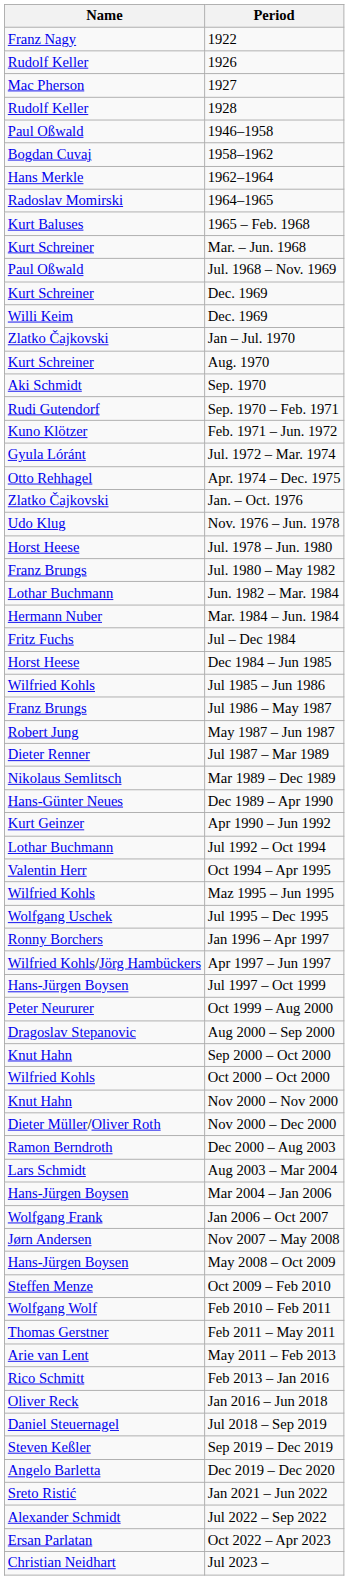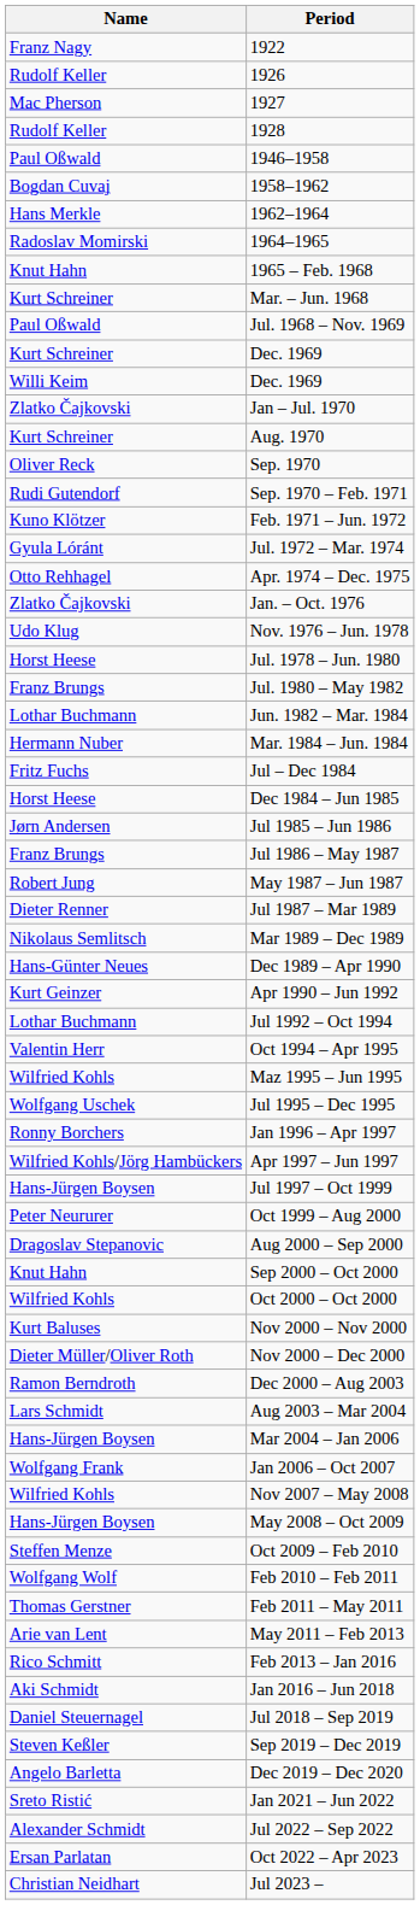 <table class="wikitable">
 <tr>
 <th>Name</th>
 <th>Period</th>
 </tr>
 <tr>
 <td><a href='#'>Franz Nagy</a></td>
 <td>1922</td>
 </tr>
 <tr>
 <td><a href='#'>Rudolf Keller</a></td>
 <td>1926</td>
 </tr>
 <tr>
 <td><a href='#'>Mac Pherson</a></td>
 <td>1927</td>
 </tr>
 <tr>
 <td><a href='#'>Rudolf Keller</a></td>
 <td>1928</td>
 </tr>
 <tr>
 <td><a href='#'>Paul Oßwald</a></td>
 <td>1946–1958</td>
 </tr>
 <tr>
 <td><a href='#'>Bogdan Cuvaj</a></td>
 <td>1958–1962</td>
 </tr>
 <tr>
 <td><a href='#'>Hans Merkle</a></td>
 <td>1962–1964</td>
 </tr>
 <tr>
 <td><a href='#'>Radoslav Momirski</a></td>
 <td>1964–1965</td>
 </tr>
 <tr>
-<td><a href='#'>Kurt Baluses</a></td>
+<td><a href='#'>Knut Hahn</a></td>
 <td>1965 – Feb. 1968</td>
 </tr>
 <tr>
 <td><a href='#'>Kurt Schreiner</a></td>
 <td>Mar. – Jun. 1968</td>
 </tr>
 <tr>
 <td><a href='#'>Paul Oßwald</a></td>
 <td>Jul. 1968 – Nov. 1969</td>
 </tr>
 <tr>
 <td><a href='#'>Kurt Schreiner</a></td>
 <td>Dec. 1969</td>
 </tr>
 <tr>
 <td><a href='#'>Willi Keim</a></td>
 <td>Dec. 1969</td>
 </tr>
 <tr>
 <td><a href='#'>Zlatko Čajkovski</a></td>
 <td>Jan – Jul. 1970</td>
 </tr>
 <tr>
 <td><a href='#'>Kurt Schreiner</a></td>
 <td>Aug. 1970</td>
 </tr>
 <tr>
-<td><a href='#'>Aki Schmidt</a></td>
+<td><a href='#'>Oliver Reck</a></td>
 <td>Sep. 1970</td>
 </tr>
 <tr>
 <td><a href='#'>Rudi Gutendorf</a></td>
 <td>Sep. 1970 – Feb. 1971</td>
 </tr>
 <tr>
 <td><a href='#'>Kuno Klötzer</a></td>
 <td>Feb. 1971 – Jun. 1972</td>
 </tr>
 <tr>
 <td><a href='#'>Gyula Lóránt</a></td>
 <td>Jul. 1972 – Mar. 1974</td>
 </tr>
 <tr>
 <td><a href='#'>Otto Rehhagel</a></td>
 <td>Apr. 1974 – Dec. 1975</td>
 </tr>
 <tr>
 <td><a href='#'>Zlatko Čajkovski</a></td>
 <td>Jan. – Oct. 1976</td>
 </tr>
 <tr>
 <td><a href='#'>Udo Klug</a></td>
 <td>Nov. 1976 – Jun. 1978</td>
 </tr>
 <tr>
 <td><a href='#'>Horst Heese</a></td>
 <td>Jul. 1978 – Jun. 1980</td>
 </tr>
 <tr>
 <td><a href='#'>Franz Brungs</a></td>
 <td>Jul. 1980 – May 1982</td>
 </tr>
 <tr>
 <td><a href='#'>Lothar Buchmann</a></td>
 <td>Jun. 1982 – Mar. 1984</td>
 </tr>
 <tr>
 <td><a href='#'>Hermann Nuber</a></td>
 <td>Mar. 1984 – Jun. 1984</td>
 </tr>
 <tr>
 <td><a href='#'>Fritz Fuchs</a></td>
 <td>Jul – Dec 1984</td>
 </tr>
 <tr>
 <td><a href='#'>Horst Heese</a></td>
 <td>Dec 1984 – Jun 1985</td>
 </tr>
 <tr>
-<td><a href='#'>Wilfried Kohls</a></td>
+<td><a href='#'>Jørn Andersen</a></td>
 <td>Jul 1985 – Jun 1986</td>
 </tr>
 <tr>
 <td><a href='#'>Franz Brungs</a></td>
 <td>Jul 1986 – May 1987</td>
 </tr>
 <tr>
 <td><a href='#'>Robert Jung</a></td>
 <td>May 1987 – Jun 1987</td>
 </tr>
 <tr>
 <td><a href='#'>Dieter Renner</a></td>
 <td>Jul 1987 – Mar 1989</td>
 </tr>
 <tr>
 <td><a href='#'>Nikolaus Semlitsch</a></td>
 <td>Mar 1989 – Dec 1989</td>
 </tr>
 <tr>
 <td><a href='#'>Hans-Günter Neues</a></td>
 <td>Dec 1989 – Apr 1990</td>
 </tr>
 <tr>
 <td><a href='#'>Kurt Geinzer</a></td>
 <td>Apr 1990 – Jun 1992</td>
 </tr>
 <tr>
 <td><a href='#'>Lothar Buchmann</a></td>
 <td>Jul 1992 – Oct 1994</td>
 </tr>
 <tr>
 <td><a href='#'>Valentin Herr</a></td>
 <td>Oct 1994 – Apr 1995</td>
 </tr>
 <tr>
 <td><a href='#'>Wilfried Kohls</a></td>
 <td>Maz 1995 – Jun 1995</td>
 </tr>
 <tr>
 <td><a href='#'>Wolfgang Uschek</a></td>
 <td>Jul 1995 – Dec 1995</td>
 </tr>
 <tr>
 <td><a href='#'>Ronny Borchers</a></td>
 <td>Jan 1996 – Apr 1997</td>
 </tr>
 <tr>
 <td><a href='#'>Wilfried Kohls</a>/<a href='#'>Jörg Hambückers</a></td>
 <td>Apr 1997 – Jun 1997</td>
 </tr>
 <tr>
 <td><a href='#'>Hans-Jürgen Boysen</a></td>
 <td>Jul 1997 – Oct 1999</td>
 </tr>
 <tr>
 <td><a href='#'>Peter Neururer</a></td>
 <td>Oct 1999 – Aug 2000</td>
 </tr>
 <tr>
 <td><a href='#'>Dragoslav Stepanovic</a></td>
 <td>Aug 2000 – Sep 2000</td>
 </tr>
 <tr>
 <td><a href='#'>Knut Hahn</a></td>
 <td>Sep 2000 – Oct 2000</td>
 </tr>
 <tr>
 <td><a href='#'>Wilfried Kohls</a></td>
 <td>Oct 2000 – Oct 2000</td>
 </tr>
 <tr>
-<td><a href='#'>Knut Hahn</a></td>
+<td><a href='#'>Kurt Baluses</a></td>
 <td>Nov 2000 – Nov 2000</td>
 </tr>
 <tr>
 <td><a href='#'>Dieter Müller</a>/<a href='#'>Oliver Roth</a></td>
 <td>Nov 2000 – Dec 2000</td>
 </tr>
 <tr>
 <td><a href='#'>Ramon Berndroth</a></td>
 <td>Dec 2000 – Aug 2003</td>
 </tr>
 <tr>
 <td><a href='#'>Lars Schmidt</a></td>
 <td>Aug 2003 – Mar 2004</td>
 </tr>
 <tr>
 <td><a href='#'>Hans-Jürgen Boysen</a></td>
 <td>Mar 2004 – Jan 2006</td>
 </tr>
 <tr>
 <td><a href='#'>Wolfgang Frank</a></td>
 <td>Jan 2006 – Oct 2007</td>
 </tr>
 <tr>
-<td><a href='#'>Jørn Andersen</a></td>
+<td><a href='#'>Wilfried Kohls</a></td>
 <td>Nov 2007 – May 2008</td>
 </tr>
 <tr>
 <td><a href='#'>Hans-Jürgen Boysen</a></td>
 <td>May 2008 – Oct 2009</td>
 </tr>
 <tr>
 <td><a href='#'>Steffen Menze</a></td>
 <td>Oct 2009 – Feb 2010</td>
 </tr>
 <tr>
 <td><a href='#'>Wolfgang Wolf</a></td>
 <td>Feb 2010 – Feb 2011</td>
 </tr>
 <tr>
 <td><a href='#'>Thomas Gerstner</a></td>
 <td>Feb 2011 – May 2011</td>
 </tr>
 <tr>
 <td><a href='#'>Arie van Lent</a></td>
 <td>May 2011 – Feb 2013</td>
 </tr>
 <tr>
 <td><a href='#'>Rico Schmitt</a></td>
 <td>Feb 2013 – Jan 2016</td>
 </tr>
 <tr>
-<td><a href='#'>Oliver Reck</a></td>
+<td><a href='#'>Aki Schmidt</a></td>
 <td>Jan 2016 – Jun 2018</td>
 </tr>
 <tr>
 <td><a href='#'>Daniel Steuernagel</a></td>
 <td>Jul 2018 – Sep 2019</td>
 </tr>
 <tr>
 <td><a href='#'>Steven Keßler</a></td>
 <td>Sep 2019 – Dec 2019</td>
 </tr>
 <tr>
 <td><a href='#'>Angelo Barletta</a></td>
 <td>Dec 2019 – Dec 2020</td>
 </tr>
 <tr>
 <td><a href='#'>Sreto Ristić</a></td>
 <td>Jan 2021 – Jun 2022</td>
 </tr>
 <tr>
 <td><a href='#'>Alexander Schmidt</a></td>
 <td>Jul 2022 – Sep 2022</td>
 </tr>
 <tr>
 <td><a href='#'>Ersan Parlatan</a></td>
 <td>Oct 2022 – Apr 2023</td>
 </tr>
 <tr>
 <td><a href='#'>Christian Neidhart</a></td>
 <td>Jul 2023 –</td>
 </tr>
 </table>
